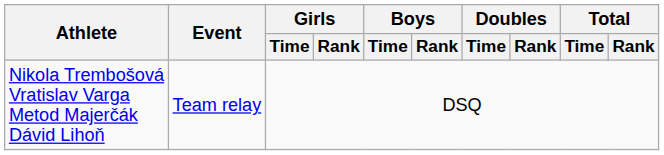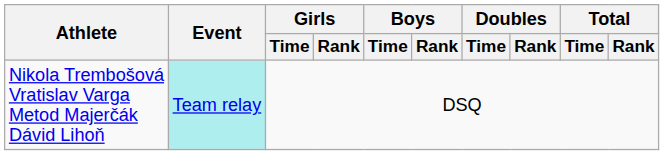 <table class="wikitable" style="font-size:90%">
 <tr>
 <th rowspan="2">Athlete</th>
 <th rowspan="2">Event</th>
 <th colspan=2>Girls</th>
 <th colspan=2>Boys</th>
 <th colspan=2>Doubles</th>
 <th colspan=2>Total</th>
 </tr>
 <tr style="font-size:95%">
 <th>Time</th>
 <th>Rank</th>
 <th>Time</th>
 <th>Rank</th>
 <th>Time</th>
 <th>Rank</th>
 <th>Time</th>
 <th>Rank</th>
 </tr>
 <tr align=center>
 <td align=left><a href='#'>Nikola Trembošová</a><br><a href='#'>Vratislav Varga</a><br><a href='#'>Metod Majerčák</a><br><a href='#'>Dávid Lihoň</a></td>
-<td align=left><a href='#'>Team relay</a></td>
+<td align=left style="background: paleturquoise;"><a href='#'>Team relay</a></td>
 <td colspan=8>DSQ</td>
 </tr>
 </table>
